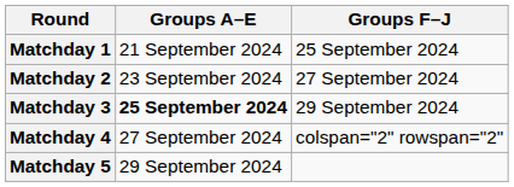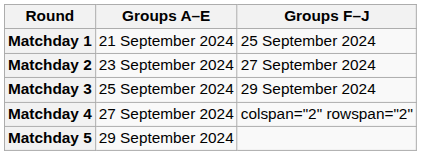 <table class="wikitable">
 <tr>
 <th>Round</th>
 <th>Groups A–E</th>
 <th>Groups F–J</th>
 </tr>
 <tr>
 <th>Matchday 1</th>
 <td>21 September 2024</td>
 <td>25 September 2024</td>
 </tr>
 <tr>
 <th>Matchday 2</th>
 <td>23 September 2024</td>
 <td>27 September 2024</td>
 </tr>
 <tr>
 <th>Matchday 3</th>
-<td><strong>25 September 2024</strong></td>
+<td>25 September 2024</td>
 <td>29 September 2024</td>
 </tr>
 <tr>
 <th>Matchday 4</th>
 <td>27 September 2024</td>
 <td>colspan="2" rowspan="2"</td>
 </tr>
 <tr>
 <th>Matchday 5</th>
 <td>29 September 2024</td>
 </tr>
 </table>
